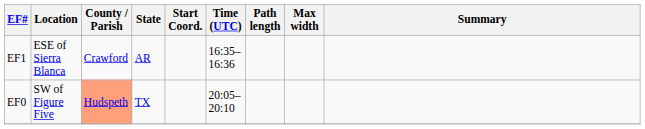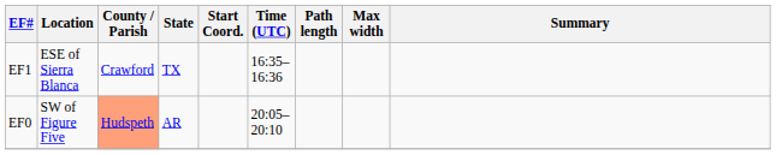 <table class="wikitable sortable" style="width:100%;">
 <tr>
 <th scope="col"  style="width:3%; text-align:center;"><a href='#'>EF#</a></th>
 <th scope="col"  style="width:7%; text-align:center;" class="unsortable">Location</th>
 <th scope="col"  style="width:6%; text-align:center;" class="unsortable">County / Parish</th>
 <th scope="col"  style="width:5%; text-align:center;">State</th>
 <th scope="col"  style="width:6%; text-align:center;">Start Coord.</th>
 <th scope="col"  style="width:6%; text-align:center;">Time (<a href='#'>UTC</a>)</th>
 <th scope="col"  style="width:6%; text-align:center;">Path length</th>
 <th scope="col"  style="width:6%; text-align:center;">Max width</th>
 <th scope="col" class="unsortable" style="width:48%; text-align:center;">Summary</th>
 </tr>
 <tr>
 <td>EF1</td>
 <td>ESE of <a href='#'>Sierra Blanca</a></td>
 <td><a href='#'>Crawford</a></td>
-<td><a href='#'>AR</a></td>
+<td><a href='#'>TX</a></td>
 <td></td>
 <td>16:35–16:36</td>
 <td></td>
 <td></td>
 <td></td>
 </tr>
 <tr>
 <td>EF0</td>
 <td>SW of <a href='#'>Figure Five</a></td>
 <td style="background: lightsalmon;"><a href='#'>Hudspeth</a></td>
-<td><a href='#'>TX</a></td>
+<td><a href='#'>AR</a></td>
 <td></td>
 <td>20:05–20:10</td>
 <td></td>
 <td></td>
 <td></td>
 </tr>
 <tr>
 </tr>
 </table>
